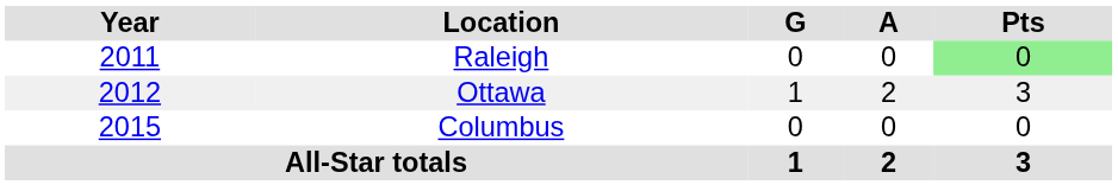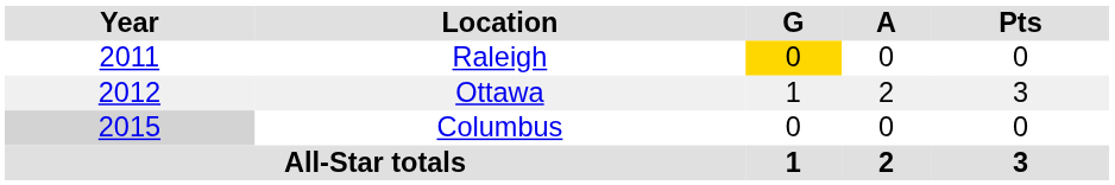 <table border="0" cellpadding="1" cellspacing="0" ID="Table3" style="text-align:center; width:40em;">
 <tr>
 <th colspan="8"></th>
 <th rowspan="99"></th>
 </tr>
 <tr bgcolor="#e0e0e0">
 <th>Year</th>
 <th>Location</th>
 <th>G</th>
 <th>A</th>
 <th>Pts</th>
 </tr>
 <tr>
 <td><a href='#'>2011</a></td>
 <td><a href='#'>Raleigh</a></td>
+<td style="background: gold;">0</td>
 <td>0</td>
 <td>0</td>
-<td style="background: lightgreen;">0</td>
 </tr>
 <tr bgcolor="#f0f0f0">
 <td><a href='#'>2012</a></td>
 <td><a href='#'>Ottawa</a></td>
 <td>1</td>
 <td>2</td>
 <td>3</td>
 </tr>
 <tr>
-<td><a href='#'>2015</a></td>
+<td style="background: lightgrey;"><a href='#'>2015</a></td>
 <td><a href='#'>Columbus</a></td>
 <td>0</td>
 <td>0</td>
 <td>0</td>
 </tr>
 <tr bgcolor="#e0e0e0">
 <th colspan="2">All-Star totals</th>
 <th>1</th>
 <th>2</th>
 <th>3</th>
 </tr>
 </table>
